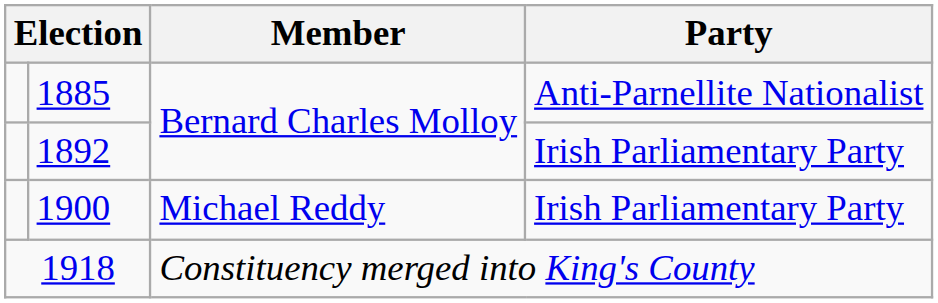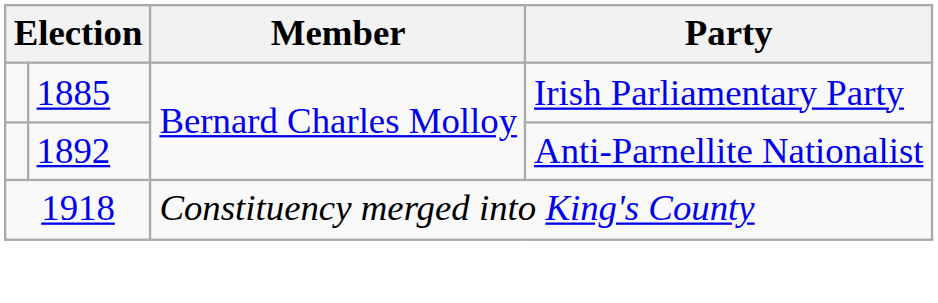 <table class="wikitable">
 <tr>
 <th colspan="2">Election</th>
 <th>Member</th>
 <th>Party</th>
 </tr>
 <tr>
 <td style="color:inherit;background-color: "></td>
 <td><a href='#'>1885</a></td>
 <td rowspan="2"><a href='#'>Bernard Charles Molloy</a></td>
-<td><a href='#'>Anti-Parnellite Nationalist</a></td>
+<td><a href='#'>Irish Parliamentary Party</a></td>
 </tr>
 <tr>
 <td style="color:inherit;background-color: "></td>
 <td><a href='#'>1892</a></td>
-<td><a href='#'>Irish Parliamentary Party</a></td>
-</tr>
-<tr>
-<td style="color:inherit;background-color: "></td>
-<td><a href='#'>1900</a></td>
-<td><a href='#'>Michael Reddy</a></td>
-<td><a href='#'>Irish Parliamentary Party</a></td>
+<td><a href='#'>Anti-Parnellite Nationalist</a></td>
 </tr>
 <tr>
 <td colspan="2" align="center"><a href='#'>1918</a></td>
 <td colspan="2"><em>Constituency merged into <a href='#'>King's County</a></em></td>
 </tr>
 </table>
